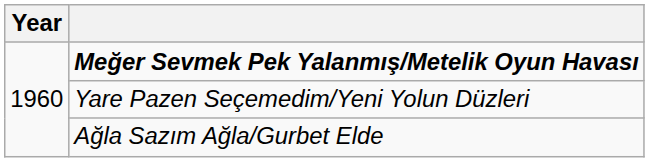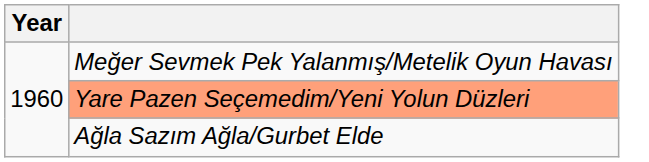 <table class="wikitable">
 <tr>
 <th>Year</th>
 <th></th>
 </tr>
 <tr>
 <td rowspan="3">1960</td>
-<td><strong><em>Meğer Sevmek Pek Yalanmış/Metelik Oyun Havası</em><br></strong></td>
+<td><em>Meğer Sevmek Pek Yalanmış/Metelik Oyun Havası</em><br></td>
 </tr>
 <tr>
-<td><em>Yare Pazen Seçemedim/Yeni Yolun Düzleri</em><br></td>
+<td style="background: lightsalmon;"><em>Yare Pazen Seçemedim/Yeni Yolun Düzleri</em><br></td>
 </tr>
 <tr>
 <td><em> Ağla Sazım Ağla/Gurbet Elde</em><br></td>
 </tr>
 </table>
